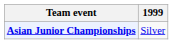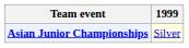 <table class="wikitable" style="font-size: 90%; text-align:center">
 <tr>
 <th>Team event</th>
 <th>1999</th>
 </tr>
 <tr>
 <td bgcolor="#ECF2FF"; align="left"><strong><a href='#'>Asian Junior Championships</a></strong></td>
-<td> <a href='#'>Silver</a></td>
+<td style="background: lightyellow;"> <a href='#'>Silver</a></td>
 </tr>
 </table>
